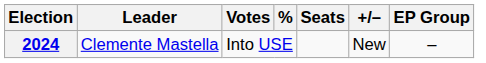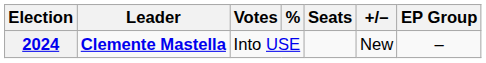 <table class="wikitable" style="text-align:center">
 <tr>
 <th>Election</th>
 <th>Leader</th>
 <th>Votes</th>
 <th>%</th>
 <th>Seats</th>
 <th>+/–</th>
 <th>EP Group</th>
 </tr>
 <tr>
 <th><a href='#'>2024</a></th>
-<td><a href='#'>Clemente Mastella</a></td>
+<td><strong><a href='#'>Clemente Mastella</a></strong></td>
 <td colspan="2">Into <a href='#'>USE</a></td>
 <td></td>
 <td>New</td>
 <td>–</td>
 </tr>
 </table>
